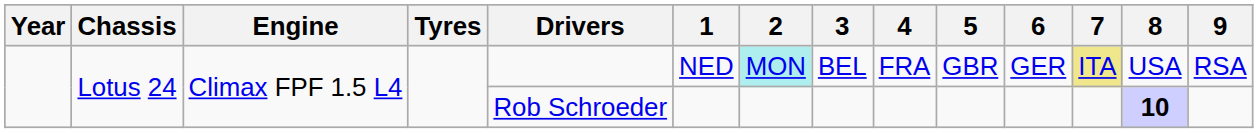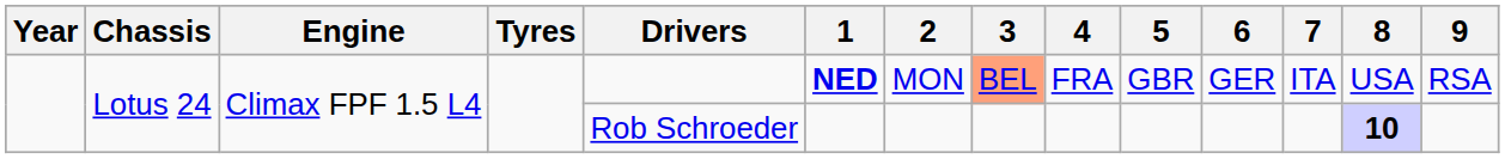 <table class="wikitable" style="text-align:center; font-size:95%">
 <tr>
 <th>Year</th>
 <th>Chassis</th>
 <th>Engine</th>
 <th>Tyres</th>
 <th>Drivers</th>
 <th>1</th>
 <th>2</th>
 <th>3</th>
 <th>4</th>
 <th>5</th>
 <th>6</th>
 <th>7</th>
 <th>8</th>
 <th>9</th>
 </tr>
 <tr>
 <td rowspan="2"></td>
 <td rowspan="2"><a href='#'>Lotus</a> <a href='#'>24</a></td>
 <td rowspan="2"><a href='#'>Climax</a> FPF 1.5 <a href='#'>L4</a></td>
 <td rowspan="2"></td>
 <td></td>
-<td><a href='#'>NED</a></td>
-<td style="background: paleturquoise;"><a href='#'>MON</a></td>
-<td><a href='#'>BEL</a></td>
+<td><strong><a href='#'>NED</a></strong></td>
+<td><a href='#'>MON</a></td>
+<td style="background: lightsalmon;"><a href='#'>BEL</a></td>
 <td><a href='#'>FRA</a></td>
 <td><a href='#'>GBR</a></td>
 <td><a href='#'>GER</a></td>
-<td style="background: khaki;"><a href='#'>ITA</a></td>
+<td><a href='#'>ITA</a></td>
 <td><a href='#'>USA</a></td>
 <td><a href='#'>RSA</a></td>
 </tr>
 <tr>
 <td> <a href='#'>Rob Schroeder</a></td>
 <td></td>
 <td></td>
 <td></td>
 <td></td>
 <td></td>
 <td></td>
 <td></td>
 <td style="background:#cfcfff;"><strong>10</strong></td>
 <td></td>
 </tr>
 </table>
